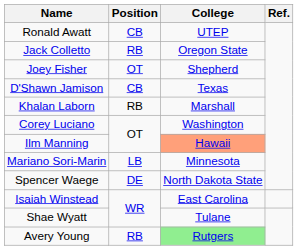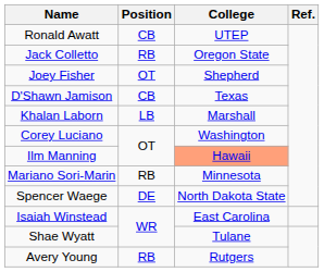 <table class="wikitable" style="text-align:center">
 <tr>
 <th>Name</th>
 <th>Position</th>
 <th>College</th>
 <th>Ref.</th>
 </tr>
 <tr>
 <td>Ronald Awatt</td>
 <td><a href='#'>CB</a></td>
 <td><a href='#'>UTEP</a></td>
 <td rowspan="9"></td>
 </tr>
 <tr>
 <td><a href='#'>Jack Colletto</a></td>
 <td><a href='#'>RB</a></td>
 <td><a href='#'>Oregon State</a></td>
 </tr>
 <tr>
 <td><a href='#'>Joey Fisher</a></td>
 <td><a href='#'>OT</a></td>
 <td><a href='#'>Shepherd</a></td>
 </tr>
 <tr>
 <td><a href='#'>D'Shawn Jamison</a></td>
 <td><a href='#'>CB</a></td>
 <td><a href='#'>Texas</a></td>
 </tr>
 <tr>
 <td><a href='#'>Khalan Laborn</a></td>
-<td>RB</td>
+<td><a href='#'>LB</a></td>
 <td><a href='#'>Marshall</a></td>
 </tr>
 <tr>
 <td><a href='#'>Corey Luciano</a></td>
 <td rowspan="2">OT</td>
 <td><a href='#'>Washington</a></td>
 </tr>
 <tr>
 <td><a href='#'>Ilm Manning</a></td>
 <td style="background: lightsalmon;"><a href='#'>Hawaii</a></td>
 </tr>
 <tr>
 <td><a href='#'>Mariano Sori-Marin</a></td>
-<td><a href='#'>LB</a></td>
+<td>RB</td>
 <td><a href='#'>Minnesota</a></td>
 </tr>
 <tr>
 <td>Spencer Waege</td>
 <td><a href='#'>DE</a></td>
 <td><a href='#'>North Dakota State</a></td>
 </tr>
 <tr>
 <td><a href='#'>Isaiah Winstead</a></td>
 <td rowspan="2"><a href='#'>WR</a></td>
 <td><a href='#'>East Carolina</a></td>
 <td></td>
 </tr>
 <tr>
 <td>Shae Wyatt</td>
 <td><a href='#'>Tulane</a></td>
 <td rowspan="2"></td>
 </tr>
 <tr>
 <td>Avery Young</td>
 <td><a href='#'>RB</a></td>
-<td style="background: lightgreen;"><a href='#'>Rutgers</a></td>
+<td><a href='#'>Rutgers</a></td>
 </tr>
 </table>
